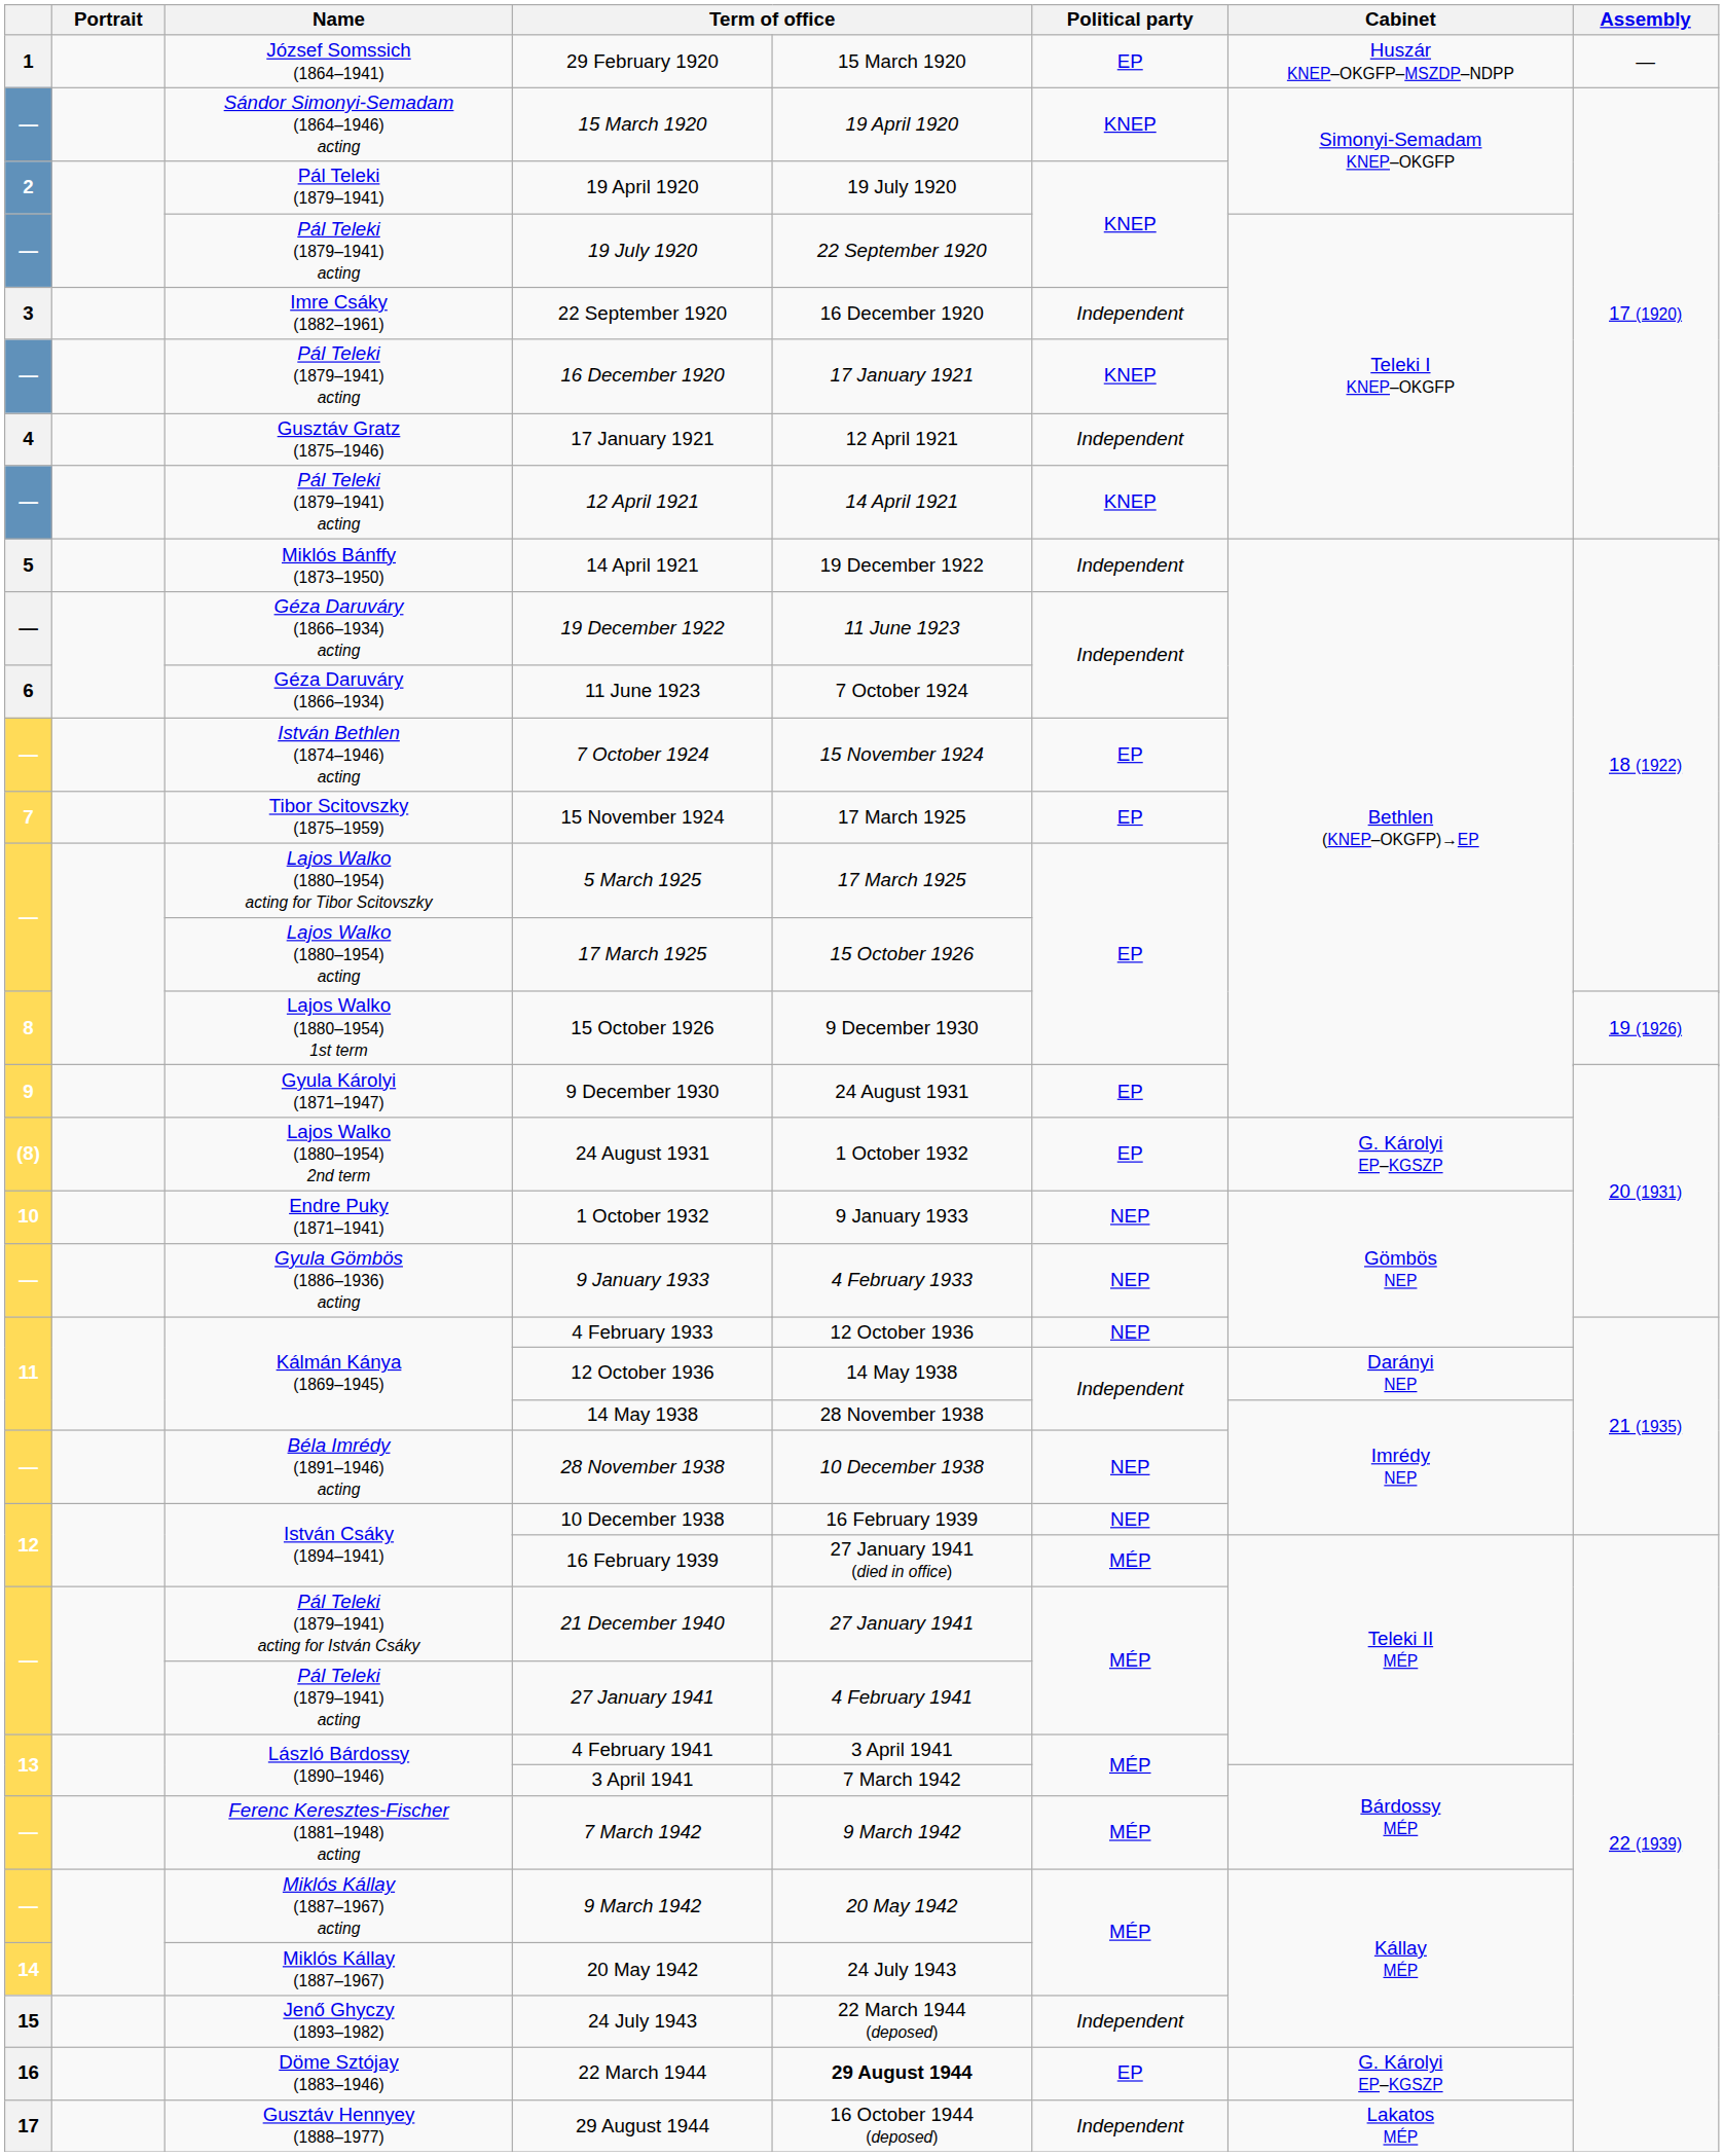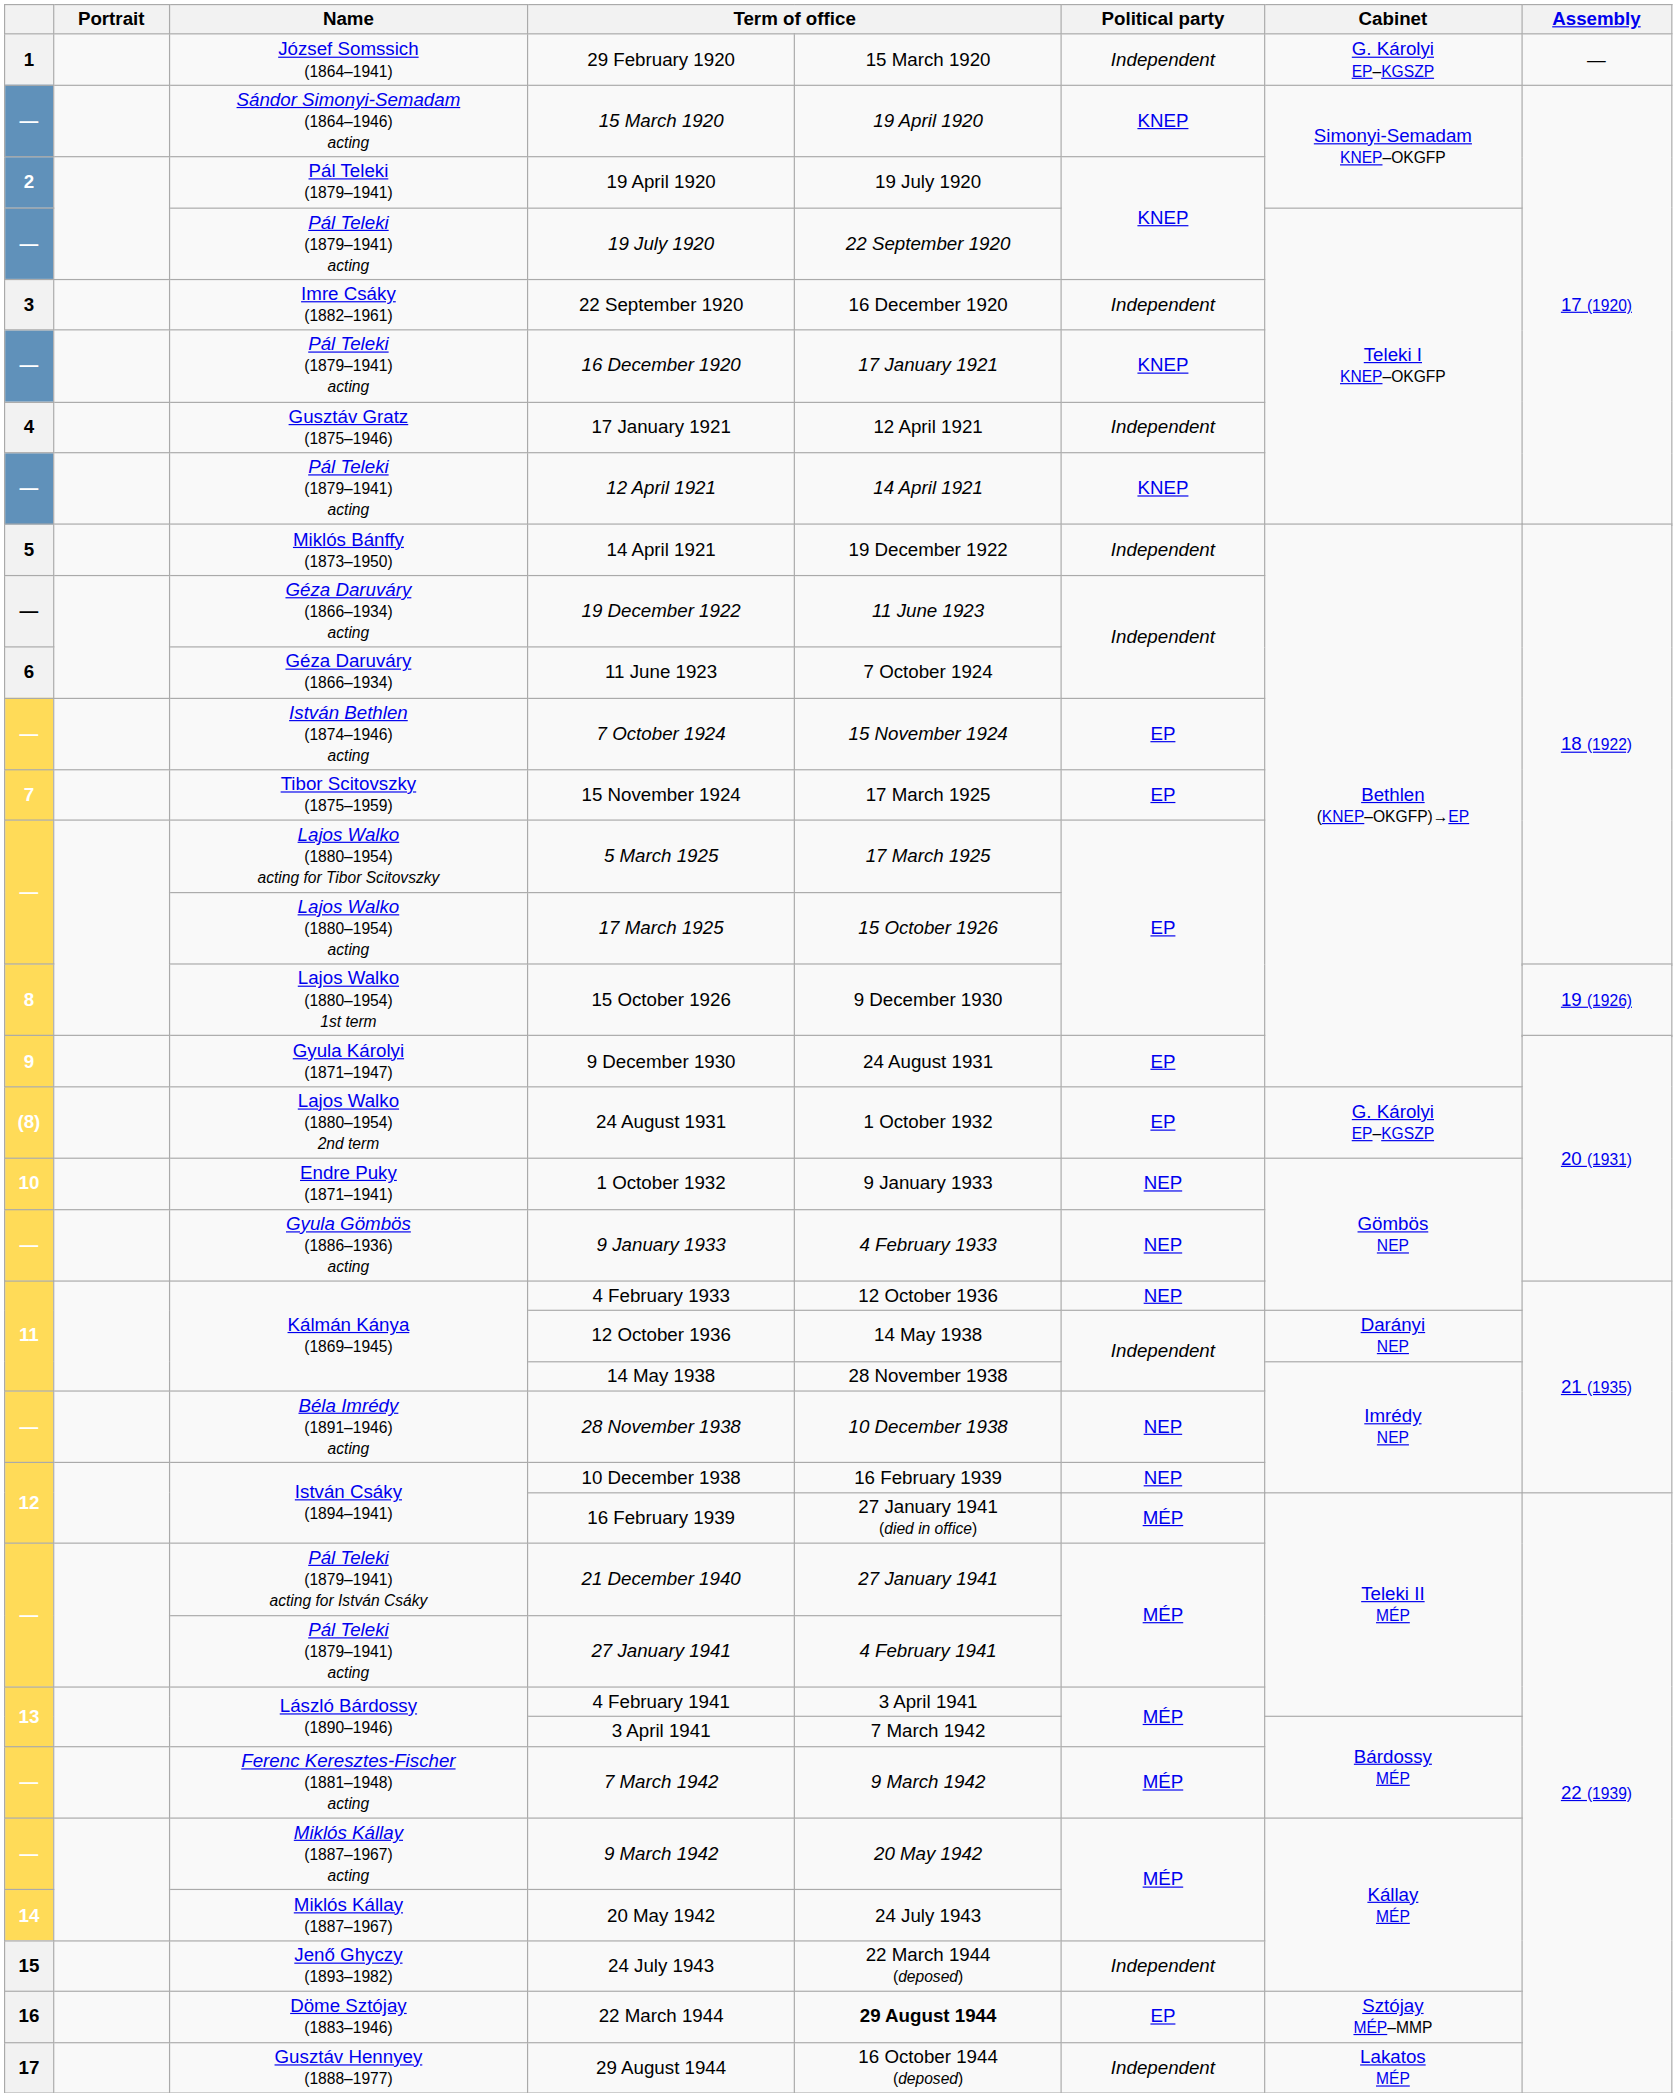 <table class="wikitable" style="width:90%; text-align:center;">
 <tr>
 <th></th>
 <th>Portrait</th>
 <th>Name<br></th>
 <th colspan=2>Term of office</th>
 <th>Political party</th>
 <th>Cabinet</th>
 <th><a href='#'>Assembly</a><br></th>
 </tr>
 <tr>
 <th style="background:">1</th>
 <td></td>
 <td><a href='#'>József Somssich</a><br><small>(1864–1941)</small></td>
 <td>29 February 1920</td>
 <td>15 March 1920</td>
-<td><a href='#'>EP</a></td>
-<td><a href='#'>Huszár</a><br><small><a href='#'>KNEP</a>–OKGFP–<a href='#'>MSZDP</a>–NDPP</small></td>
+<td><em>Independent</em></td>
+<td><a href='#'>G. Károlyi</a><br><small><a href='#'>EP</a>–<a href='#'>KGSZP</a></small></td>
 <td>—</td>
 </tr>
 <tr>
 <th style="background-color:#6091BA; color:white">—</th>
 <td></td>
 <td><em><a href='#'>Sándor Simonyi-Semadam</a></em><br><small>(1864–1946)<br><em>acting</em></small></td>
 <td><em>15 March 1920</em></td>
 <td><em>19 April 1920</em></td>
 <td><a href='#'>KNEP</a></td>
 <td rowspan="2"><a href='#'>Simonyi-Semadam</a><br><small><a href='#'>KNEP</a>–OKGFP</small></td>
 <td rowspan="8"><a href='#'>17 <small>(1920)</small></a></td>
 </tr>
 <tr>
 <th style="background-color:#6091BA; color:white">2</th>
 <td rowspan="2"></td>
 <td><a href='#'>Pál Teleki</a><br><small>(1879–1941)<br></small></td>
 <td>19 April 1920</td>
 <td>19 July 1920</td>
 <td rowspan="2"><a href='#'>KNEP</a></td>
 </tr>
 <tr>
 <th style="background-color:#6091BA; color:white">—</th>
 <td><em><a href='#'>Pál Teleki</a></em><br><small>(1879–1941)<br><em>acting</em></small></td>
 <td><em>19 July 1920</em></td>
 <td><em>22 September 1920</em></td>
 <td rowspan="5"><a href='#'>Teleki I</a><br><small><a href='#'>KNEP</a>–OKGFP</small></td>
 </tr>
 <tr>
 <th style="background:">3</th>
 <td></td>
 <td><a href='#'>Imre Csáky</a><br><small>(1882–1961)</small></td>
 <td>22 September 1920</td>
 <td>16 December 1920</td>
 <td><em>Independent</em></td>
 </tr>
 <tr>
 <th style="background-color:#6091BA; color:white">—</th>
 <td></td>
 <td><em><a href='#'>Pál Teleki</a></em><br><small>(1879–1941)<br><em>acting</em></small></td>
 <td><em>16 December 1920</em></td>
 <td><em>17 January 1921</em></td>
 <td><a href='#'>KNEP</a></td>
 </tr>
 <tr>
 <th style="background:">4</th>
 <td></td>
 <td><a href='#'>Gusztáv Gratz</a><br><small>(1875–1946)</small></td>
 <td>17 January 1921</td>
 <td>12 April 1921</td>
 <td><em>Independent</em></td>
 </tr>
 <tr>
 <th style="background-color:#6091BA; color:white">—</th>
 <td></td>
 <td><em><a href='#'>Pál Teleki</a></em><br><small>(1879–1941)<br><em>acting</em></small></td>
 <td><em>12 April 1921</em></td>
 <td><em>14 April 1921</em></td>
 <td><a href='#'>KNEP</a></td>
 </tr>
 <tr>
 <th rowspan="2" style="background:">5</th>
 <td rowspan="2"></td>
 <td rowspan="2"><a href='#'>Miklós Bánffy</a><br><small>(1873–1950)</small></td>
 <td rowspan="2">14 April 1921</td>
 <td rowspan="2">19 December 1922</td>
 <td rowspan="2"><em>Independent</em></td>
 <td rowspan="12"><a href='#'>Bethlen</a><br><small>(<a href='#'>KNEP</a>–OKGFP)→<a href='#'>EP</a></small></td>
 </tr>
 <tr>
 <td rowspan="8"><a href='#'>18 <small>(1922)</small></a></td>
 </tr>
 <tr>
 <th style="background:">—</th>
 <td rowspan="2"></td>
 <td><em><a href='#'>Géza Daruváry</a></em><br><small>(1866–1934)<br><em>acting</em></small></td>
 <td><em>19 December 1922</em></td>
 <td><em>11 June 1923</em></td>
 <td rowspan="2"><em>Independent</em></td>
 </tr>
 <tr>
 <th style="background:">6</th>
 <td><a href='#'>Géza Daruváry</a><br><small>(1866–1934)</small></td>
 <td>11 June 1923</td>
 <td>7 October 1924</td>
 </tr>
 <tr>
 <th style="background-color:#FFDB58; color:white">—</th>
 <td></td>
 <td><em><a href='#'>István Bethlen</a></em><br><small>(1874–1946)<br><em>acting</em></small></td>
 <td><em>7 October 1924</em></td>
 <td><em>15 November 1924</em></td>
 <td><a href='#'>EP</a></td>
 </tr>
 <tr>
 <th style="background-color:#FFDB58; color:white">7</th>
 <td></td>
 <td><a href='#'>Tibor Scitovszky</a><br><small>(1875–1959)</small></td>
 <td>15 November 1924</td>
 <td>17 March 1925</td>
 <td><a href='#'>EP</a></td>
 </tr>
 <tr>
 <th rowspan="2" style="background-color:#FFDB58; color:white">—</th>
 <td rowspan="4"></td>
 <td><em><a href='#'>Lajos Walko</a></em><br><small>(1880–1954)<br><em>acting for Tibor Scitovszky</em></small></td>
 <td><em>5 March 1925</em></td>
 <td><em>17 March 1925</em></td>
 <td rowspan="4"><a href='#'>EP</a></td>
 </tr>
 <tr>
 <td><em><a href='#'>Lajos Walko</a></em><br><small>(1880–1954)<br><em>acting</em></small></td>
 <td><em>17 March 1925</em></td>
 <td><em>15 October 1926</em></td>
 </tr>
 <tr>
 <th rowspan="2" style="background-color:#FFDB58; color:white">8</th>
 <td rowspan="2"><a href='#'>Lajos Walko</a><br><small>(1880–1954)<br><em>1st term</em></small></td>
 <td rowspan="2">15 October 1926</td>
 <td rowspan="2">9 December 1930</td>
 </tr>
 <tr>
 <td rowspan="2"><a href='#'>19 <small>(1926)</small></a></td>
 </tr>
 <tr>
 <th rowspan="2" style="background-color:#FFDB58; color:white">9</th>
 <td rowspan="2"></td>
 <td rowspan="2"><a href='#'>Gyula Károlyi</a><br><small>(1871–1947)</small></td>
 <td rowspan="2">9 December 1930</td>
 <td rowspan="2">24 August 1931</td>
 <td rowspan="2"><a href='#'>EP</a></td>
 </tr>
 <tr>
 <td rowspan="5"><a href='#'>20 <small>(1931)</small></a></td>
 </tr>
 <tr>
 <th style="background-color:#FFDB58; color:white">(8)</th>
 <td></td>
 <td><a href='#'>Lajos Walko</a><br><small>(1880–1954)<br><em>2nd term</em></small></td>
 <td>24 August 1931</td>
 <td>1 October 1932</td>
 <td><a href='#'>EP</a></td>
 <td><a href='#'>G. Károlyi</a><br><small><a href='#'>EP</a>–<a href='#'>KGSZP</a></small></td>
 </tr>
 <tr>
 <th style="background-color:#FFDB58; color:white">10</th>
 <td></td>
 <td><a href='#'>Endre Puky</a><br><small>(1871–1941)</small></td>
 <td>1 October 1932</td>
 <td>9 January 1933</td>
 <td><a href='#'>NEP</a></td>
 <td rowspan="4"><a href='#'>Gömbös</a><br><small><a href='#'>NEP</a></small></td>
 </tr>
 <tr>
 <th style="background-color:#FFDB58; color:white">—</th>
 <td></td>
 <td><em><a href='#'>Gyula Gömbös</a></em><br><small>(1886–1936)<br><em>acting</em></small></td>
 <td><em>9 January 1933</em></td>
 <td><em>4 February 1933</em></td>
 <td><a href='#'>NEP</a></td>
 </tr>
 <tr>
 <th rowspan="4" style="background-color:#FFDB58; color:white">11</th>
 <td rowspan="4"></td>
 <td rowspan="4"><a href='#'>Kálmán Kánya</a><br><small>(1869–1945)</small></td>
 <td rowspan="2">4 February 1933</td>
 <td rowspan="2">12 October 1936</td>
 <td rowspan="2"><a href='#'>NEP</a></td>
 </tr>
 <tr>
 <td rowspan="6"><a href='#'>21 <small>(1935)</small></a></td>
 </tr>
 <tr>
 <td>12 October 1936</td>
 <td>14 May 1938</td>
 <td rowspan="2"><em>Independent</em></td>
 <td><a href='#'>Darányi</a><br><small><a href='#'>NEP</a></small></td>
 </tr>
 <tr>
 <td>14 May 1938</td>
 <td>28 November 1938</td>
 <td rowspan="3"><a href='#'>Imrédy</a><br><small><a href='#'>NEP</a></small></td>
 </tr>
 <tr>
 <th style="background-color:#FFDB58; color:white">—</th>
 <td></td>
 <td><em><a href='#'>Béla Imrédy</a></em><br><small>(1891–1946)<br><em>acting</em></small></td>
 <td><em>28 November 1938</em></td>
 <td><em>10 December 1938</em></td>
 <td><a href='#'>NEP</a></td>
 </tr>
 <tr>
 <th rowspan="3" style="background-color:#FFDB58; color:white">12</th>
 <td rowspan="3"></td>
 <td rowspan="3"><a href='#'>István Csáky</a><br><small>(1894–1941)</small></td>
 <td>10 December 1938</td>
 <td>16 February 1939</td>
 <td><a href='#'>NEP</a></td>
 </tr>
 <tr>
 <td rowspan="2">16 February 1939</td>
 <td rowspan="2">27 January 1941<br><small>(<em>died in office</em>)</small></td>
 <td rowspan="2"><a href='#'>MÉP</a></td>
 <td rowspan="5"><a href='#'>Teleki II</a><br><small><a href='#'>MÉP</a></small></td>
 </tr>
 <tr>
 <td rowspan="11"><a href='#'>22 <small>(1939)</small></a></td>
 </tr>
 <tr>
 <th rowspan="2" style="background-color:#FFDB58; color:white">—</th>
 <td rowspan="2"></td>
 <td><em><a href='#'>Pál Teleki</a></em><br><small>(1879–1941)<br><em>acting for István Csáky</em></small></td>
 <td><em>21 December 1940</em></td>
 <td><em>27 January 1941</em></td>
 <td rowspan="2"><a href='#'>MÉP</a></td>
 </tr>
 <tr>
 <td><em><a href='#'>Pál Teleki</a></em><br><small>(1879–1941)<br><em>acting</em></small></td>
 <td><em>27 January 1941</em></td>
 <td><em>4 February 1941</em></td>
 </tr>
 <tr>
 <th rowspan="2" style="background-color:#FFDB58; color:white">13</th>
 <td rowspan="2"></td>
 <td rowspan="2"><a href='#'>László Bárdossy</a><br><small>(1890–1946)</small></td>
 <td>4 February 1941</td>
 <td>3 April 1941</td>
 <td rowspan="2"><a href='#'>MÉP</a></td>
 </tr>
 <tr>
 <td>3 April 1941</td>
 <td>7 March 1942</td>
 <td rowspan="2"><a href='#'>Bárdossy</a><br><small><a href='#'>MÉP</a></small></td>
 </tr>
 <tr>
 <th style="background-color:#FFDB58; color:white">—</th>
 <td></td>
 <td><em><a href='#'>Ferenc Keresztes-Fischer</a></em><br><small>(1881–1948)<br><em>acting</em></small></td>
 <td><em>7 March 1942</em></td>
 <td><em>9 March 1942</em></td>
 <td><a href='#'>MÉP</a></td>
 </tr>
 <tr>
 <th style="background-color:#FFDB58; color:white">—</th>
 <td rowspan="2"></td>
 <td><em><a href='#'>Miklós Kállay</a></em><br><small>(1887–1967)<br><em>acting</em></small></td>
 <td><em>9 March 1942</em></td>
 <td><em>20 May 1942</em></td>
 <td rowspan="2"><a href='#'>MÉP</a></td>
 <td rowspan="3"><a href='#'>Kállay</a><br><small><a href='#'>MÉP</a></small></td>
 </tr>
 <tr>
 <th style="background-color:#FFDB58; color:white">14</th>
 <td><a href='#'>Miklós Kállay</a><br><small>(1887–1967)</small></td>
 <td>20 May 1942</td>
 <td>24 July 1943</td>
 </tr>
 <tr>
 <th style="background-color:">15</th>
 <td></td>
 <td><a href='#'>Jenő Ghyczy</a><br><small>(1893–1982)</small></td>
 <td>24 July 1943</td>
 <td>22 March 1944<br><small>(<em>deposed</em>)</small></td>
 <td><em>Independent</em></td>
 </tr>
 <tr>
 <th style="background:">16</th>
 <td></td>
 <td><a href='#'>Döme Sztójay</a><br><small>(1883–1946)</small></td>
 <td>22 March 1944</td>
 <td><strong>29 August 1944</strong></td>
 <td><a href='#'>EP</a></td>
-<td><a href='#'>G. Károlyi</a><br><small><a href='#'>EP</a>–<a href='#'>KGSZP</a></small></td>
+<td><a href='#'>Sztójay</a><br><small><a href='#'>MÉP</a>–MMP</small></td>
 </tr>
 <tr>
 <th style="background:">17</th>
 <td></td>
 <td><a href='#'>Gusztáv Hennyey</a><br><small>(1888–1977)</small></td>
 <td>29 August 1944</td>
 <td>16 October 1944<br><small>(<em>deposed</em>)</small></td>
 <td><em>Independent</em></td>
 <td><a href='#'>Lakatos</a><br><small><a href='#'>MÉP</a></small></td>
 </tr>
 </table>
